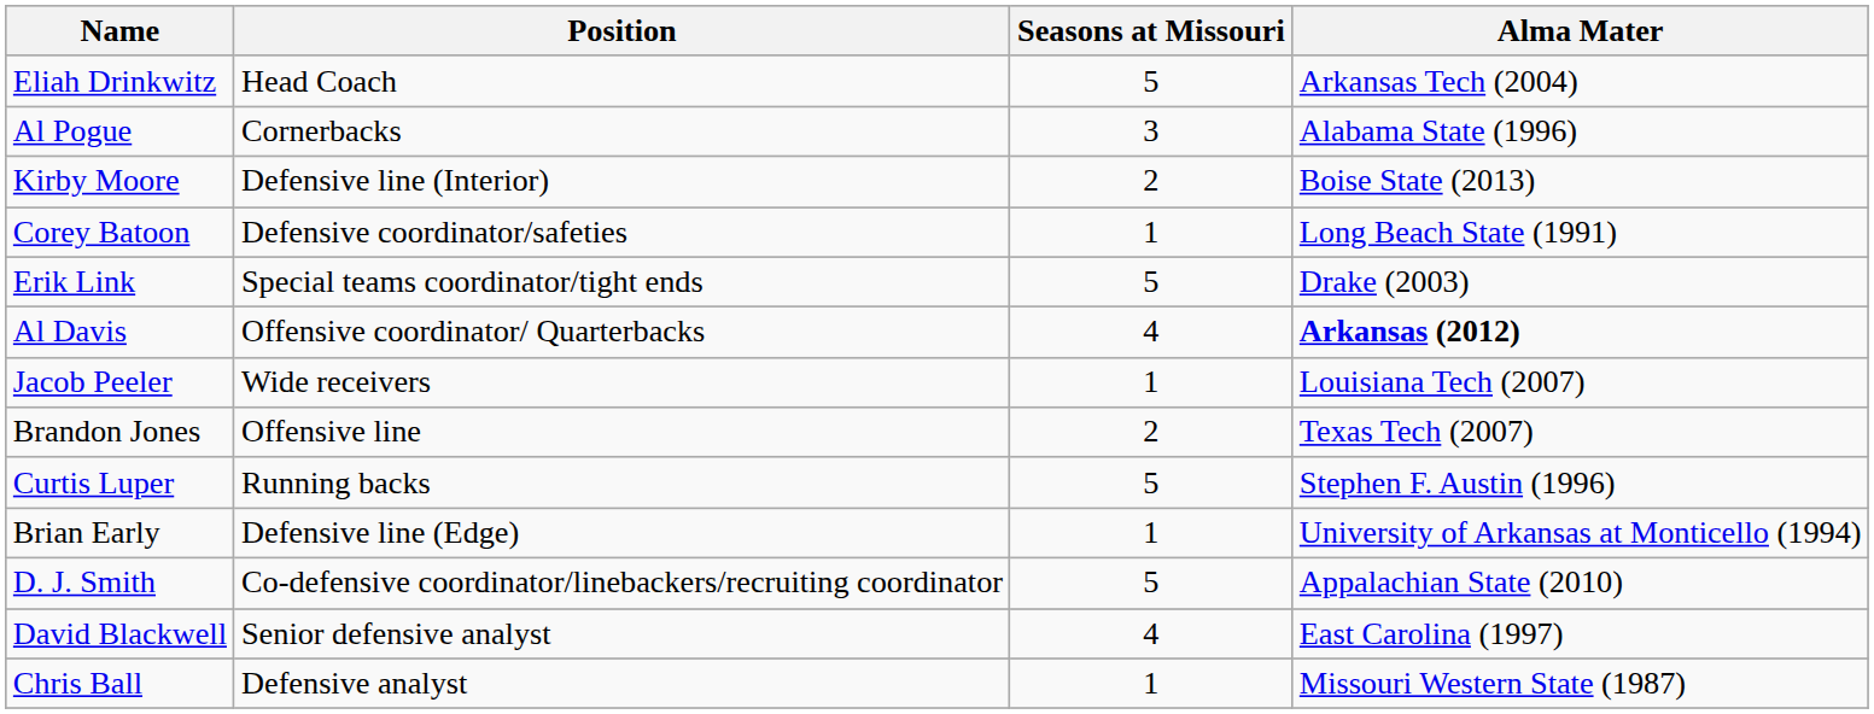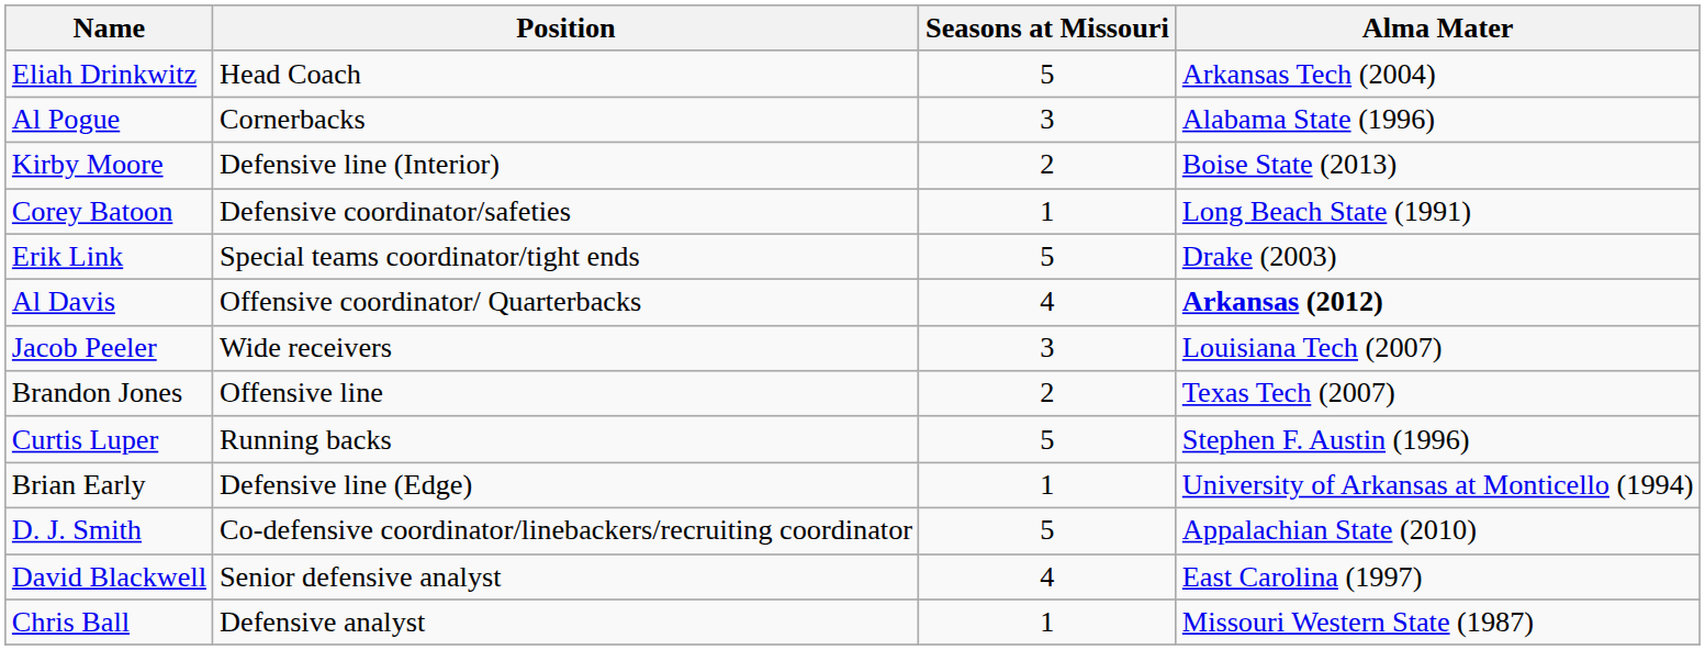 <table class="wikitable">
 <tr>
 <th>Name</th>
 <th>Position</th>
 <th>Seasons at Missouri</th>
 <th>Alma Mater</th>
 </tr>
 <tr>
 <td><a href='#'>Eliah Drinkwitz</a></td>
 <td>Head Coach</td>
 <td align=center>5</td>
 <td><a href='#'>Arkansas Tech</a> (2004)</td>
 </tr>
 <tr>
 <td><a href='#'>Al Pogue</a></td>
 <td>Cornerbacks</td>
 <td align=center>3</td>
 <td><a href='#'>Alabama State</a> (1996)</td>
 </tr>
 <tr>
 <td><a href='#'>Kirby Moore</a></td>
 <td>Defensive line (Interior)</td>
 <td align=center>2</td>
 <td><a href='#'>Boise State</a> (2013)</td>
 </tr>
 <tr>
 <td><a href='#'>Corey Batoon</a></td>
 <td>Defensive coordinator/safeties</td>
 <td align=center>1</td>
 <td><a href='#'>Long Beach State</a> (1991)</td>
 </tr>
 <tr>
 <td><a href='#'>Erik Link</a></td>
 <td>Special teams coordinator/tight ends</td>
 <td align=center>5</td>
 <td><a href='#'>Drake</a> (2003)</td>
 </tr>
 <tr>
 <td><a href='#'>Al Davis</a></td>
 <td>Offensive coordinator/ Quarterbacks</td>
 <td align=center>4</td>
 <td><strong><a href='#'>Arkansas</a> (2012)</strong></td>
 </tr>
 <tr>
 <td><a href='#'>Jacob Peeler</a></td>
 <td>Wide receivers</td>
-<td align=center>1</td>
+<td align=center>3</td>
 <td><a href='#'>Louisiana Tech</a> (2007)</td>
 </tr>
 <tr>
 <td>Brandon Jones</td>
 <td>Offensive line</td>
 <td align=center>2</td>
 <td><a href='#'>Texas Tech</a> (2007)</td>
 </tr>
 <tr>
 <td><a href='#'>Curtis Luper</a></td>
 <td>Running backs</td>
 <td align=center>5</td>
 <td><a href='#'>Stephen F. Austin</a> (1996)</td>
 </tr>
 <tr>
 <td>Brian Early</td>
 <td>Defensive line (Edge)</td>
 <td align=center>1</td>
 <td><a href='#'>University of Arkansas at Monticello</a> (1994)</td>
 </tr>
 <tr>
 <td><a href='#'>D. J. Smith</a></td>
 <td>Co-defensive coordinator/linebackers/recruiting coordinator</td>
 <td align=center>5</td>
 <td><a href='#'>Appalachian State</a> (2010)</td>
 </tr>
 <tr>
 <td><a href='#'>David Blackwell</a></td>
 <td>Senior defensive analyst</td>
 <td align=center>4</td>
 <td><a href='#'>East Carolina</a> (1997)</td>
 </tr>
 <tr>
 <td><a href='#'>Chris Ball</a></td>
 <td>Defensive analyst</td>
 <td align=center>1</td>
 <td><a href='#'>Missouri Western State</a> (1987)</td>
 </tr>
 </table>
